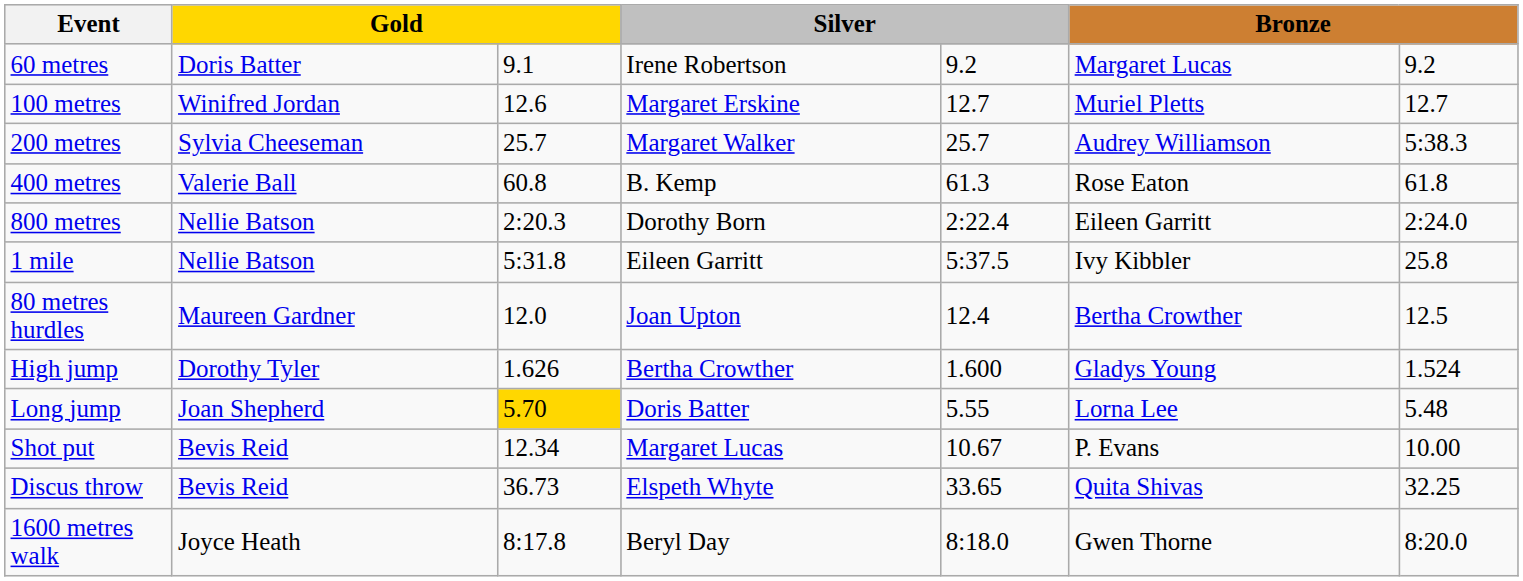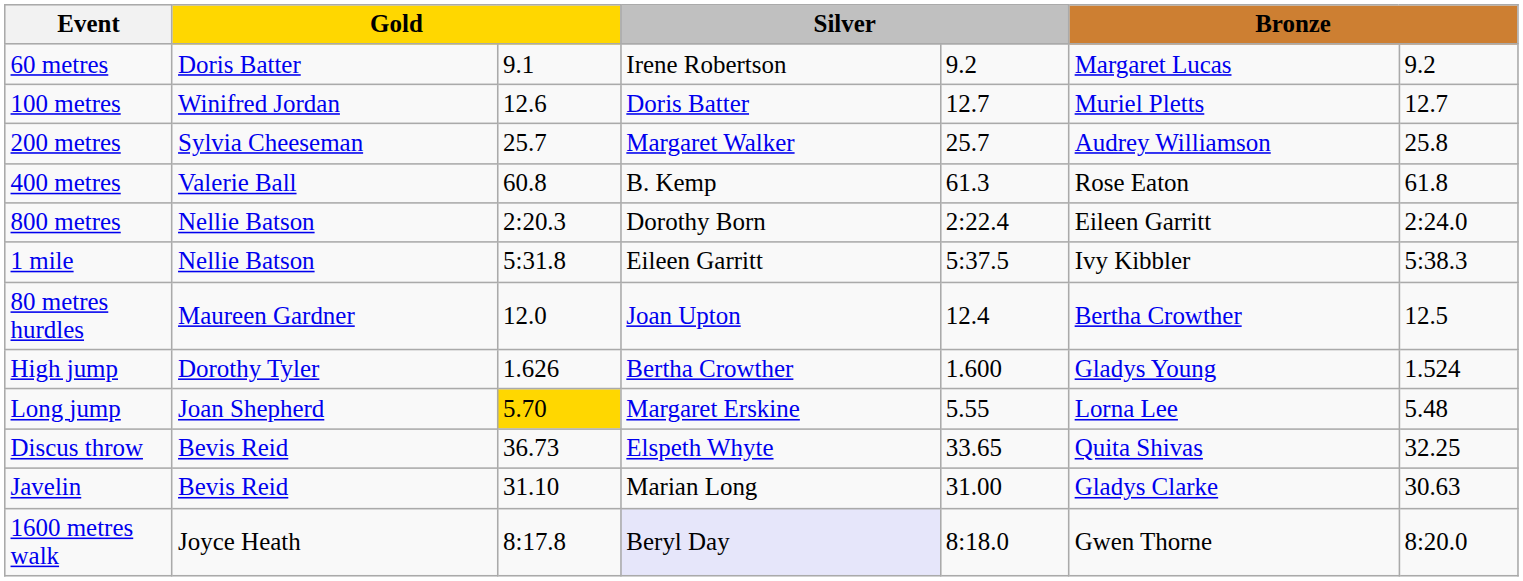 <table class="wikitable" style="text-align:left">
 <tr>
 <th width=100>Event</th>
 <th colspan="2" width="280" style="background:gold;">Gold</th>
 <th colspan="2" width="280" style="background:silver;">Silver</th>
 <th colspan="2" width="280" style="background:#CD7F32;">Bronze</th>
 </tr>
 <tr>
 <td><a href='#'>60 metres</a></td>
 <td><a href='#'>Doris Batter</a></td>
 <td>9.1</td>
 <td>Irene Robertson</td>
 <td>9.2</td>
 <td><a href='#'>Margaret Lucas</a></td>
 <td>9.2</td>
 </tr>
 <tr>
 <td><a href='#'>100 metres</a></td>
 <td><a href='#'>Winifred Jordan</a></td>
 <td>12.6</td>
-<td> <a href='#'>Margaret Erskine</a></td>
+<td><a href='#'>Doris Batter</a></td>
 <td>12.7</td>
 <td><a href='#'>Muriel Pletts</a></td>
 <td>12.7</td>
 </tr>
 <tr>
 <td><a href='#'>200 metres</a></td>
 <td><a href='#'>Sylvia Cheeseman</a></td>
 <td>25.7</td>
 <td><a href='#'>Margaret Walker</a></td>
 <td>25.7</td>
 <td><a href='#'>Audrey Williamson</a></td>
-<td>5:38.3</td>
+<td>25.8</td>
 </tr>
 <tr>
 <td><a href='#'>400 metres</a></td>
 <td><a href='#'>Valerie Ball</a></td>
 <td>60.8</td>
 <td>B. Kemp</td>
 <td>61.3</td>
 <td>Rose Eaton</td>
 <td>61.8</td>
 </tr>
 <tr>
 <td><a href='#'>800 metres</a></td>
 <td><a href='#'>Nellie Batson</a></td>
 <td>2:20.3</td>
 <td>Dorothy Born</td>
 <td>2:22.4</td>
 <td>Eileen Garritt</td>
 <td>2:24.0</td>
 </tr>
 <tr>
 <td><a href='#'>1 mile</a></td>
 <td><a href='#'>Nellie Batson</a></td>
 <td>5:31.8</td>
 <td>Eileen Garritt</td>
 <td>5:37.5</td>
 <td>Ivy Kibbler</td>
-<td>25.8</td>
+<td>5:38.3</td>
 </tr>
 <tr>
 <td><a href='#'>80 metres hurdles</a></td>
 <td><a href='#'>Maureen Gardner</a></td>
 <td>12.0</td>
 <td><a href='#'>Joan Upton</a></td>
 <td>12.4</td>
 <td><a href='#'>Bertha Crowther</a></td>
 <td>12.5</td>
 </tr>
 <tr>
 <td><a href='#'>High jump</a></td>
 <td><a href='#'>Dorothy Tyler</a></td>
 <td>1.626</td>
 <td><a href='#'>Bertha Crowther</a></td>
 <td>1.600</td>
 <td><a href='#'>Gladys Young</a></td>
 <td>1.524</td>
 </tr>
 <tr>
 <td><a href='#'>Long jump</a></td>
 <td><a href='#'>Joan Shepherd</a></td>
 <td style="background: gold;">5.70</td>
-<td><a href='#'>Doris Batter</a></td>
+<td> <a href='#'>Margaret Erskine</a></td>
 <td>5.55</td>
 <td><a href='#'>Lorna Lee</a></td>
 <td>5.48</td>
-</tr>
-<tr>
-<td><a href='#'>Shot put</a></td>
-<td><a href='#'>Bevis Reid</a></td>
-<td>12.34</td>
-<td><a href='#'>Margaret Lucas</a></td>
-<td>10.67</td>
-<td>P. Evans</td>
-<td>10.00</td>
 </tr>
 <tr>
 <td><a href='#'>Discus throw</a></td>
 <td><a href='#'>Bevis Reid</a></td>
 <td>36.73</td>
 <td><a href='#'>Elspeth Whyte</a></td>
 <td>33.65</td>
 <td> <a href='#'>Quita Shivas</a></td>
 <td>32.25</td>
 </tr>
 <tr>
+<td><a href='#'>Javelin</a></td>
+<td><a href='#'>Bevis Reid</a></td>
+<td>31.10</td>
+<td>Marian Long</td>
+<td>31.00</td>
+<td><a href='#'>Gladys Clarke</a></td>
+<td>30.63</td>
+</tr>
+<tr>
 <td><a href='#'>1600 metres walk</a></td>
 <td>Joyce Heath</td>
 <td>8:17.8</td>
-<td>Beryl Day</td>
+<td style="background: lavender;">Beryl Day</td>
 <td>8:18.0</td>
 <td>Gwen Thorne</td>
 <td>8:20.0</td>
 </tr>
 </table>
